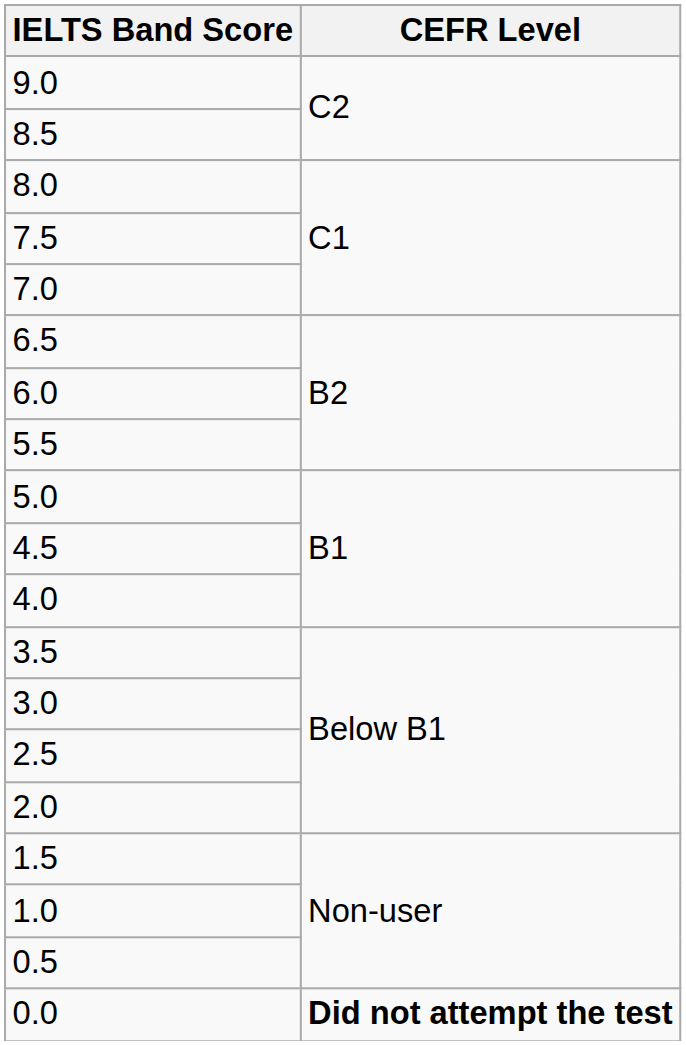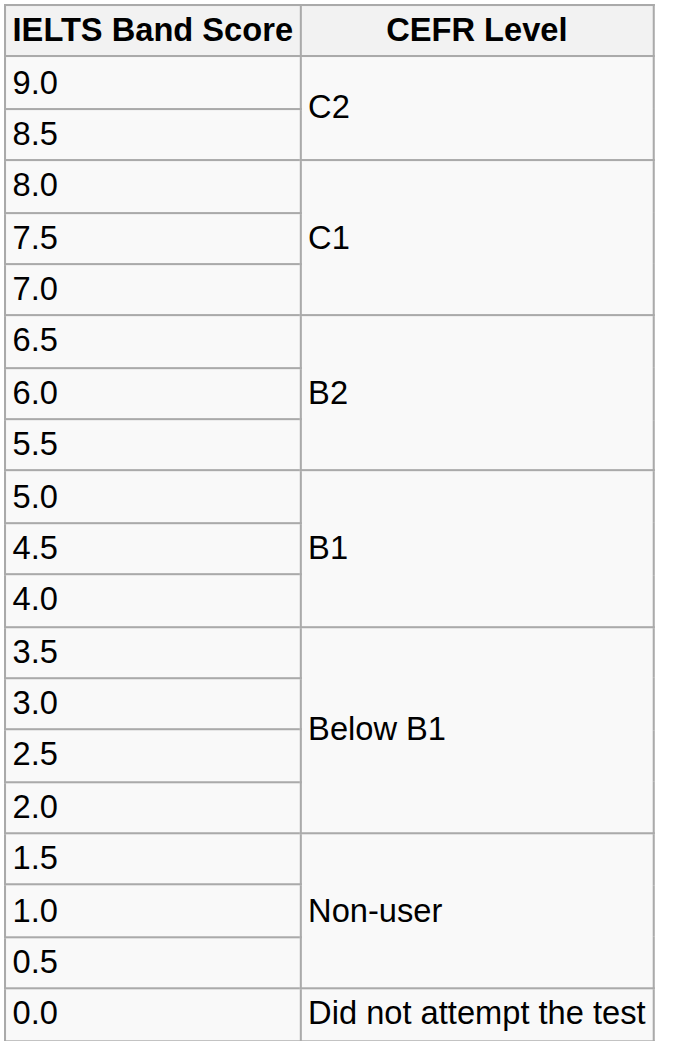 <table class="wikitable">
 <tr>
 <th>IELTS Band Score</th>
 <th>CEFR Level</th>
 </tr>
 <tr>
 <td>9.0</td>
 <td rowspan="2">C2</td>
 </tr>
 <tr>
 <td>8.5</td>
 </tr>
 <tr>
 <td>8.0</td>
 <td rowspan="3">C1</td>
 </tr>
 <tr>
 <td>7.5</td>
 </tr>
 <tr>
 <td>7.0</td>
 </tr>
 <tr>
 <td>6.5</td>
 <td rowspan="3">B2</td>
 </tr>
 <tr>
 <td>6.0</td>
 </tr>
 <tr>
 <td>5.5</td>
 </tr>
 <tr>
 <td>5.0</td>
 <td rowspan="3">B1</td>
 </tr>
 <tr>
 <td>4.5</td>
 </tr>
 <tr>
 <td>4.0</td>
 </tr>
 <tr>
 <td>3.5</td>
 <td rowspan="4">Below B1</td>
 </tr>
 <tr>
 <td>3.0</td>
 </tr>
 <tr>
 <td>2.5</td>
 </tr>
 <tr>
 <td>2.0</td>
 </tr>
 <tr>
 <td>1.5</td>
 <td rowspan="3">Non-user</td>
 </tr>
 <tr>
 <td>1.0</td>
 </tr>
 <tr>
 <td>0.5</td>
 </tr>
 <tr>
 <td>0.0</td>
-<td><strong>Did not attempt the test</strong></td>
+<td>Did not attempt the test</td>
 </tr>
 </table>
